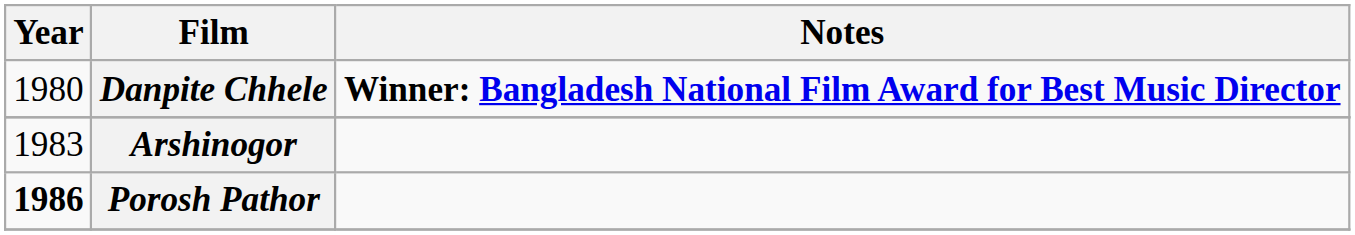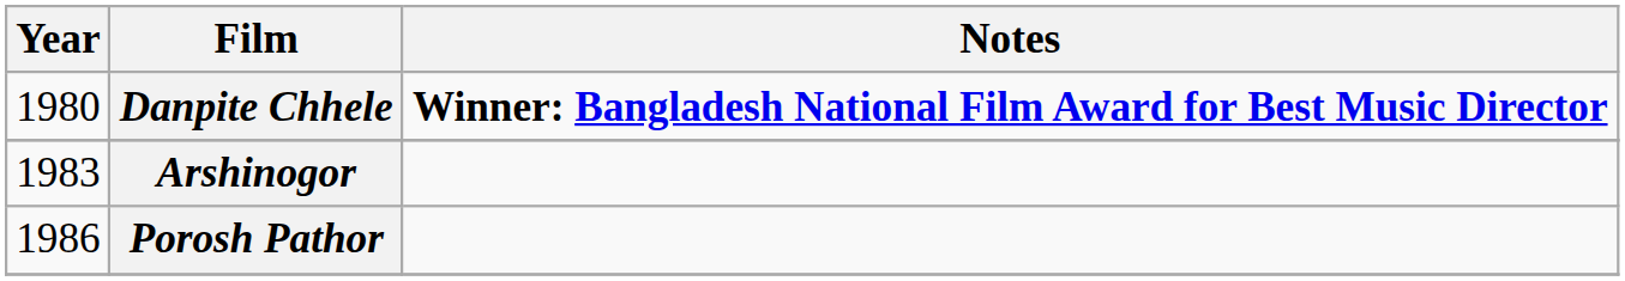 <table class="wikitable sortable">
 <tr>
 <th>Year</th>
 <th>Film</th>
 <th>Notes</th>
 </tr>
 <tr>
 <td>1980</td>
 <th><em>Danpite Chhele</em></th>
 <td><strong>Winner: <a href='#'>Bangladesh National Film Award for Best Music Director</a></strong> </td>
 </tr>
 <tr>
 </tr>
 <tr>
 <td>1983</td>
 <th><em>Arshinogor</em></th>
 <td></td>
 </tr>
 <tr>
-<td><strong>1986</strong></td>
+<td>1986</td>
 <th><em>Porosh Pathor</em></th>
 <td></td>
 </tr>
 <tr>
 </tr>
 </table>
